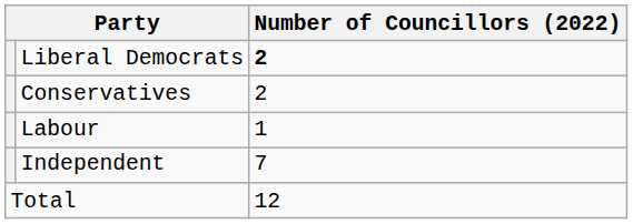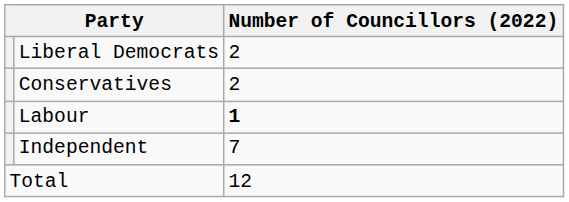 <table class="wikitable">
 <tr>
 <th colspan="2">Party</th>
 <th>Number of Councillors (2022)</th>
 </tr>
 <tr>
 <th></th>
 <td>Liberal Democrats</td>
-<td><strong>2</strong></td>
+<td>2</td>
 </tr>
 <tr>
 <th></th>
 <td>Conservatives</td>
 <td>2</td>
 </tr>
 <tr>
 <th></th>
 <td>Labour</td>
-<td>1</td>
+<td><strong>1</strong></td>
 </tr>
 <tr>
 <th></th>
 <td>Independent</td>
 <td>7</td>
 </tr>
 <tr>
 <td colspan="2">Total</td>
 <td>12</td>
 </tr>
 </table>
